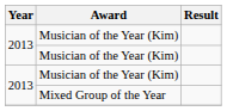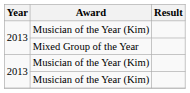 <table class="wikitable">
 <tr>
 <th>Year</th>
 <th>Award</th>
 <th>Result</th>
 </tr>
 <tr>
 <td rowspan="2">2013</td>
 <td>Musician of the Year (Kim)</td>
 <td></td>
 </tr>
 <tr>
-<td>Musician of the Year (Kim)</td>
+<td>Mixed Group of the Year</td>
 <td></td>
 </tr>
 <tr>
 <td rowspan="2">2013</td>
 <td>Musician of the Year (Kim)</td>
 <td></td>
 </tr>
 <tr>
-<td>Mixed Group of the Year</td>
+<td>Musician of the Year (Kim)</td>
 <td></td>
 </tr>
 <tr>
 </tr>
 </table>
